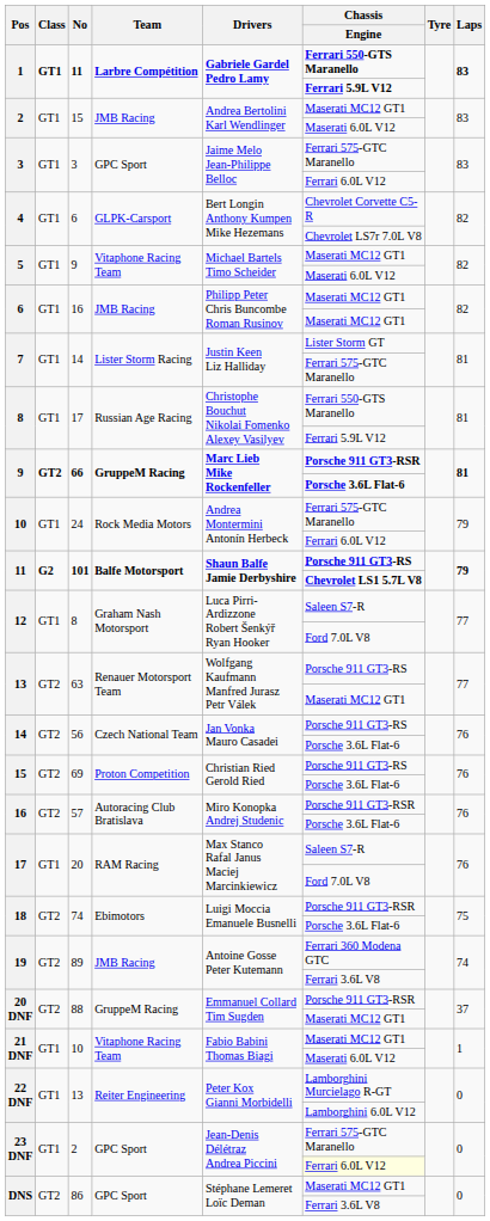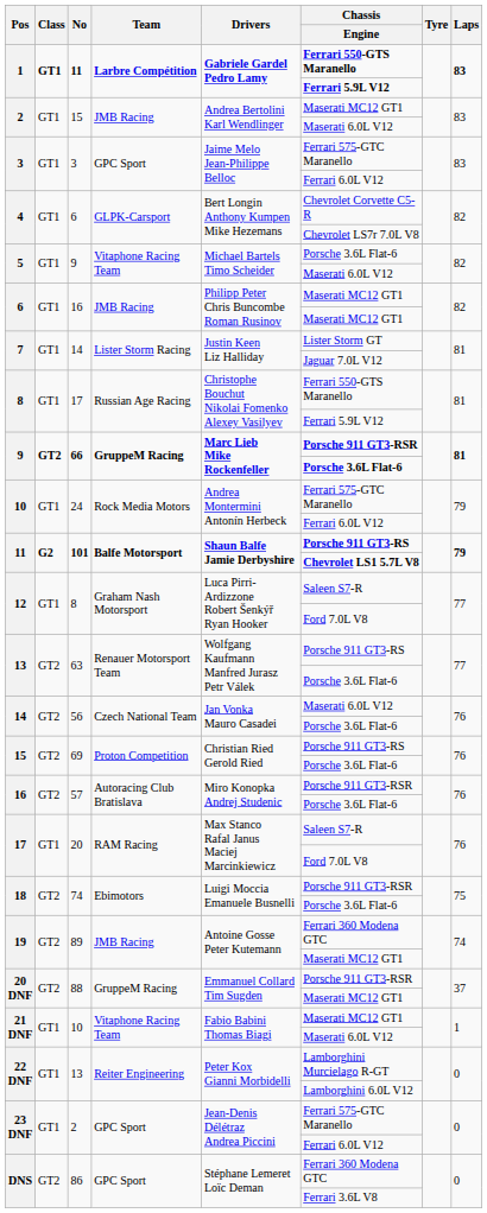 <table class="wikitable" style="font-size: 95%;">
 <tr>
 <th rowspan=2>Pos</th>
 <th rowspan=2>Class</th>
 <th rowspan=2>No</th>
 <th rowspan=2>Team</th>
 <th rowspan=2>Drivers</th>
 <th>Chassis</th>
 <th rowspan=2>Tyre</th>
 <th rowspan=2>Laps</th>
 </tr>
 <tr>
 <th>Engine</th>
 </tr>
 <tr style="font-weight:bold">
 <th rowspan=2>1</th>
 <td rowspan=2>GT1</td>
 <td rowspan=2>11</td>
 <td rowspan=2> <a href='#'>Larbre Compétition</a></td>
 <td rowspan=2> <a href='#'>Gabriele Gardel</a><br> <a href='#'>Pedro Lamy</a></td>
 <td><a href='#'>Ferrari 550</a>-GTS Maranello</td>
 <td rowspan=2></td>
 <td rowspan=2>83</td>
 </tr>
 <tr style="font-weight:bold">
 <td><a href='#'>Ferrari</a> 5.9L V12</td>
 </tr>
 <tr>
 <th rowspan=2>2</th>
 <td rowspan=2>GT1</td>
 <td rowspan=2>15</td>
 <td rowspan=2> <a href='#'>JMB Racing</a></td>
 <td rowspan=2> <a href='#'>Andrea Bertolini</a><br> <a href='#'>Karl Wendlinger</a></td>
 <td><a href='#'>Maserati MC12</a> GT1</td>
 <td rowspan=2></td>
 <td rowspan=2>83</td>
 </tr>
 <tr>
 <td><a href='#'>Maserati</a> 6.0L V12</td>
 </tr>
 <tr>
 <th rowspan=2>3</th>
 <td rowspan=2>GT1</td>
 <td rowspan=2>3</td>
 <td rowspan=2> GPC Sport</td>
 <td rowspan=2> <a href='#'>Jaime Melo</a><br> <a href='#'>Jean-Philippe Belloc</a></td>
 <td><a href='#'>Ferrari 575</a>-GTC Maranello</td>
 <td rowspan=2></td>
 <td rowspan=2>83</td>
 </tr>
 <tr>
 <td><a href='#'>Ferrari</a> 6.0L V12</td>
 </tr>
 <tr>
 <th rowspan=2>4</th>
 <td rowspan=2>GT1</td>
 <td rowspan=2>6</td>
 <td rowspan=2> <a href='#'>GLPK-Carsport</a></td>
 <td rowspan=2> Bert Longin<br> <a href='#'>Anthony Kumpen</a><br> Mike Hezemans</td>
 <td><a href='#'>Chevrolet Corvette C5-R</a></td>
 <td rowspan=2></td>
 <td rowspan=2>82</td>
 </tr>
 <tr>
 <td><a href='#'>Chevrolet</a> LS7r 7.0L V8</td>
 </tr>
 <tr>
 <th rowspan=2>5</th>
 <td rowspan=2>GT1</td>
 <td rowspan=2>9</td>
 <td rowspan=2> <a href='#'>Vitaphone Racing Team</a></td>
 <td rowspan=2> <a href='#'>Michael Bartels</a><br> <a href='#'>Timo Scheider</a></td>
-<td><a href='#'>Maserati MC12</a> GT1</td>
+<td><a href='#'>Porsche</a> 3.6L Flat-6</td>
 <td rowspan=2></td>
 <td rowspan=2>82</td>
 </tr>
 <tr>
 <td><a href='#'>Maserati</a> 6.0L V12</td>
 </tr>
 <tr>
 <th rowspan=2>6</th>
 <td rowspan=2>GT1</td>
 <td rowspan=2>16</td>
 <td rowspan=2> <a href='#'>JMB Racing</a></td>
 <td rowspan=2> <a href='#'>Philipp Peter</a><br> Chris Buncombe<br> <a href='#'>Roman Rusinov</a></td>
 <td><a href='#'>Maserati MC12</a> GT1</td>
 <td rowspan=2></td>
 <td rowspan=2>82</td>
 </tr>
 <tr>
 <td><a href='#'>Maserati MC12</a> GT1</td>
 </tr>
 <tr>
 <th rowspan=2>7</th>
 <td rowspan=2>GT1</td>
 <td rowspan=2>14</td>
 <td rowspan=2> <a href='#'>Lister Storm</a> Racing</td>
 <td rowspan=2> <a href='#'>Justin Keen</a><br> Liz Halliday</td>
 <td><a href='#'>Lister Storm</a> GT</td>
 <td rowspan=2></td>
 <td rowspan=2>81</td>
 </tr>
 <tr>
-<td><a href='#'>Ferrari 575</a>-GTC Maranello</td>
+<td><a href='#'>Jaguar</a> 7.0L V12</td>
 </tr>
 <tr>
 <th rowspan=2>8</th>
 <td rowspan=2>GT1</td>
 <td rowspan=2>17</td>
 <td rowspan=2> Russian Age Racing</td>
 <td rowspan=2> <a href='#'>Christophe Bouchut</a><br> <a href='#'>Nikolai Fomenko</a><br> <a href='#'>Alexey Vasilyev</a></td>
 <td><a href='#'>Ferrari 550</a>-GTS Maranello</td>
 <td rowspan=2></td>
 <td rowspan=2>81</td>
 </tr>
 <tr>
 <td><a href='#'>Ferrari</a> 5.9L V12</td>
 </tr>
 <tr style="font-weight:bold">
 <th rowspan=2>9</th>
 <td rowspan=2>GT2</td>
 <td rowspan=2>66</td>
 <td rowspan=2> GruppeM Racing</td>
 <td rowspan=2> <a href='#'>Marc Lieb</a><br> <a href='#'>Mike Rockenfeller</a></td>
 <td><a href='#'>Porsche 911 GT3</a>-RSR</td>
 <td rowspan=2></td>
 <td rowspan=2>81</td>
 </tr>
 <tr style="font-weight:bold">
 <td><a href='#'>Porsche</a> 3.6L Flat-6</td>
 </tr>
 <tr>
 <th rowspan=2>10</th>
 <td rowspan=2>GT1</td>
 <td rowspan=2>24</td>
 <td rowspan=2> Rock Media Motors</td>
 <td rowspan=2> <a href='#'>Andrea Montermini</a><br> Antonín Herbeck</td>
 <td><a href='#'>Ferrari 575</a>-GTC Maranello</td>
 <td rowspan=2></td>
 <td rowspan=2>79</td>
 </tr>
 <tr>
 <td><a href='#'>Ferrari</a> 6.0L V12</td>
 </tr>
 <tr style="font-weight:bold">
 <th rowspan=2>11</th>
 <td rowspan=2>G2</td>
 <td rowspan=2>101</td>
 <td rowspan=2> Balfe Motorsport</td>
 <td rowspan=2> <a href='#'>Shaun Balfe</a><br> Jamie Derbyshire</td>
 <td><a href='#'>Porsche 911 GT3</a>-RS</td>
 <td rowspan=2></td>
 <td rowspan=2>79</td>
 </tr>
 <tr style="font-weight:bold">
 <td><a href='#'>Chevrolet</a> LS1 5.7L V8</td>
 </tr>
 <tr>
 <th rowspan=2>12</th>
 <td rowspan=2>GT1</td>
 <td rowspan=2>8</td>
 <td rowspan=2> Graham Nash Motorsport</td>
 <td rowspan=2> Luca Pirri-Ardizzone<br> Robert Šenkýř<br> Ryan Hooker</td>
 <td><a href='#'>Saleen S7</a>-R</td>
 <td rowspan=2></td>
 <td rowspan=2>77</td>
 </tr>
 <tr>
 <td><a href='#'>Ford</a> 7.0L V8</td>
 </tr>
 <tr>
 <th rowspan=2>13</th>
 <td rowspan=2>GT2</td>
 <td rowspan=2>63</td>
 <td rowspan=2> Renauer Motorsport Team</td>
 <td rowspan=2> Wolfgang Kaufmann<br> Manfred Jurasz<br> Petr Válek</td>
 <td><a href='#'>Porsche 911 GT3</a>-RS</td>
 <td rowspan=2></td>
 <td rowspan=2>77</td>
 </tr>
 <tr>
-<td><a href='#'>Maserati MC12</a> GT1</td>
+<td><a href='#'>Porsche</a> 3.6L Flat-6</td>
 </tr>
 <tr>
 <th rowspan=2>14</th>
 <td rowspan=2>GT2</td>
 <td rowspan=2>56</td>
 <td rowspan=2> Czech National Team</td>
 <td rowspan=2> <a href='#'>Jan Vonka</a><br> Mauro Casadei</td>
-<td><a href='#'>Porsche 911 GT3</a>-RS</td>
+<td><a href='#'>Maserati</a> 6.0L V12</td>
 <td rowspan=2></td>
 <td rowspan=2>76</td>
 </tr>
 <tr>
 <td><a href='#'>Porsche</a> 3.6L Flat-6</td>
 </tr>
 <tr>
 <th rowspan=2>15</th>
 <td rowspan=2>GT2</td>
 <td rowspan=2>69</td>
 <td rowspan=2> <a href='#'>Proton Competition</a></td>
 <td rowspan=2> Christian Ried<br> Gerold Ried</td>
 <td><a href='#'>Porsche 911 GT3</a>-RS</td>
 <td rowspan=2></td>
 <td rowspan=2>76</td>
 </tr>
 <tr>
 <td><a href='#'>Porsche</a> 3.6L Flat-6</td>
 </tr>
 <tr>
 <th rowspan=2>16</th>
 <td rowspan=2>GT2</td>
 <td rowspan=2>57</td>
 <td rowspan=2> Autoracing Club Bratislava</td>
 <td rowspan=2> Miro Konopka<br> <a href='#'>Andrej Studenic</a></td>
 <td><a href='#'>Porsche 911 GT3</a>-RSR</td>
 <td rowspan=2></td>
 <td rowspan=2>76</td>
 </tr>
 <tr>
 <td><a href='#'>Porsche</a> 3.6L Flat-6</td>
 </tr>
 <tr>
 <th rowspan=2>17</th>
 <td rowspan=2>GT1</td>
 <td rowspan=2>20</td>
 <td rowspan=2> RAM Racing</td>
 <td rowspan=2> Max Stanco<br> Rafal Janus<br> Maciej Marcinkiewicz</td>
 <td><a href='#'>Saleen S7</a>-R</td>
 <td rowspan=2></td>
 <td rowspan=2>76</td>
 </tr>
 <tr>
 <td><a href='#'>Ford</a> 7.0L V8</td>
 </tr>
 <tr>
 <th rowspan=2>18</th>
 <td rowspan=2>GT2</td>
 <td rowspan=2>74</td>
 <td rowspan=2> Ebimotors</td>
 <td rowspan=2> Luigi Moccia<br> Emanuele Busnelli</td>
 <td><a href='#'>Porsche 911 GT3</a>-RSR</td>
 <td rowspan=2></td>
 <td rowspan=2>75</td>
 </tr>
 <tr>
 <td><a href='#'>Porsche</a> 3.6L Flat-6</td>
 </tr>
 <tr>
 <th rowspan=2>19</th>
 <td rowspan=2>GT2</td>
 <td rowspan=2>89</td>
 <td rowspan=2> <a href='#'>JMB Racing</a></td>
 <td rowspan=2> Antoine Gosse<br> Peter Kutemann</td>
 <td><a href='#'>Ferrari 360 Modena</a> GTC</td>
 <td rowspan=2></td>
 <td rowspan=2>74</td>
 </tr>
 <tr>
-<td><a href='#'>Ferrari</a> 3.6L V8</td>
+<td><a href='#'>Maserati MC12</a> GT1</td>
 </tr>
 <tr>
 <th rowspan=2>20<br>DNF</th>
 <td rowspan=2>GT2</td>
 <td rowspan=2>88</td>
 <td rowspan=2> GruppeM Racing</td>
 <td rowspan=2> <a href='#'>Emmanuel Collard</a><br> <a href='#'>Tim Sugden</a></td>
 <td><a href='#'>Porsche 911 GT3</a>-RSR</td>
 <td rowspan=2></td>
 <td rowspan=2>37</td>
 </tr>
 <tr>
 <td><a href='#'>Maserati MC12</a> GT1</td>
 </tr>
 <tr>
 <th rowspan=2>21<br>DNF</th>
 <td rowspan=2>GT1</td>
 <td rowspan=2>10</td>
 <td rowspan=2> <a href='#'>Vitaphone Racing Team</a></td>
 <td rowspan=2> <a href='#'>Fabio Babini</a><br> <a href='#'>Thomas Biagi</a></td>
 <td><a href='#'>Maserati MC12</a> GT1</td>
 <td rowspan=2></td>
 <td rowspan=2>1</td>
 </tr>
 <tr>
 <td><a href='#'>Maserati</a> 6.0L V12</td>
 </tr>
 <tr>
 <th rowspan=2>22<br>DNF</th>
 <td rowspan=2>GT1</td>
 <td rowspan=2>13</td>
 <td rowspan=2> <a href='#'>Reiter Engineering</a></td>
 <td rowspan=2> <a href='#'>Peter Kox</a><br> <a href='#'>Gianni Morbidelli</a></td>
 <td><a href='#'>Lamborghini Murcielago</a> R-GT</td>
 <td rowspan=2></td>
 <td rowspan=2>0</td>
 </tr>
 <tr>
 <td><a href='#'>Lamborghini</a> 6.0L V12</td>
 </tr>
 <tr>
 <th rowspan=2>23<br>DNF</th>
 <td rowspan=2>GT1</td>
 <td rowspan=2>2</td>
 <td rowspan=2> GPC Sport</td>
 <td rowspan=2> <a href='#'>Jean-Denis Délétraz</a><br> <a href='#'>Andrea Piccini</a></td>
 <td><a href='#'>Ferrari 575</a>-GTC Maranello</td>
 <td rowspan=2></td>
 <td rowspan=2>0</td>
 </tr>
 <tr>
-<td style="background: lightyellow;"><a href='#'>Ferrari</a> 6.0L V12</td>
+<td><a href='#'>Ferrari</a> 6.0L V12</td>
 </tr>
 <tr>
 <th rowspan=2>DNS</th>
 <td rowspan=2>GT2</td>
 <td rowspan=2>86</td>
 <td rowspan=2> GPC Sport</td>
 <td rowspan=2> Stéphane Lemeret<br> Loïc Deman</td>
-<td><a href='#'>Maserati MC12</a> GT1</td>
+<td><a href='#'>Ferrari 360 Modena</a> GTC</td>
 <td rowspan=2></td>
 <td rowspan=2>0</td>
 </tr>
 <tr>
 <td><a href='#'>Ferrari</a> 3.6L V8</td>
 </tr>
 </table>
